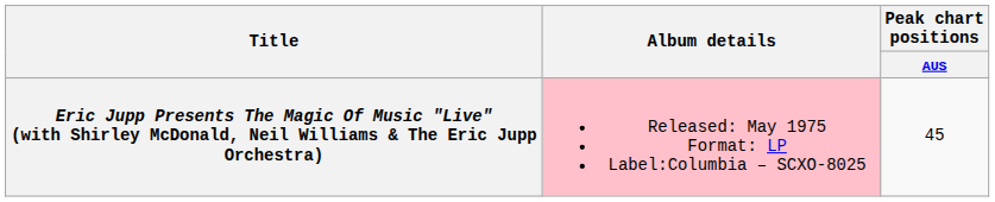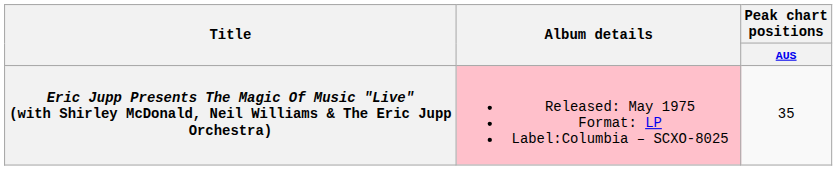 <table class="wikitable plainrowheaders" style="text-align:center;" border="1">
 <tr>
 <th scope="col" rowspan="2" style="width:32em;">Title</th>
 <th scope="col" rowspan="2" style="width:20em;">Album details</th>
 <th scope="col" colspan="1">Peak chart<br>positions</th>
 </tr>
 <tr>
 <th scope="col" style="text-align:center;"><small><a href='#'>AUS</a></small><br></th>
 </tr>
 <tr>
 <th scope="row"><em>Eric Jupp Presents The Magic Of Music "Live"</em> <br> (with Shirley McDonald, Neil Williams & The Eric Jupp Orchestra)</th>
 <td style="background: pink;"><br><ul><li>Released: May 1975</li><li>Format: <a href='#'>LP</a></li><li>Label:Columbia – SCXO-8025</li></ul></td>
-<td align="center">45</td>
+<td align="center">35</td>
 </tr>
 </table>
